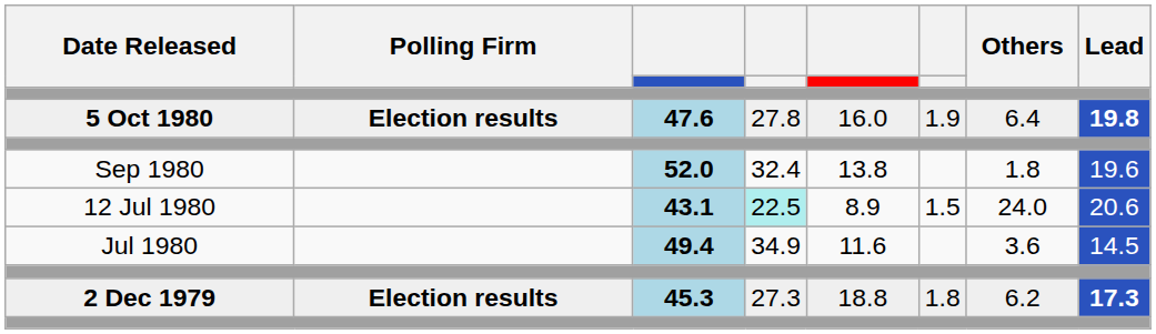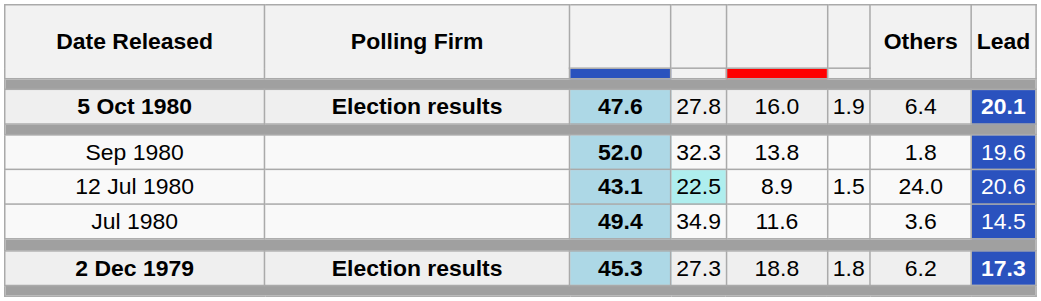 <table class="wikitable" style="text-align:center; font-size:95%; line-height:16px;">
 <tr style="height:42px;">
 <th style="width:165px;" rowspan="2">Date Released</th>
 <th style="width:195px;" rowspan="2">Polling Firm</th>
 <th></th>
 <th></th>
 <th></th>
 <th></th>
 <th style="width:60px;" rowspan="2">Others</th>
 <th style="width:25px;" rowspan="2">Lead</th>
 </tr>
 <tr>
 <th style="color:inherit;background:#2A52BE; width:60px;"></th>
 <th style="color:inherit;background:"></th>
 <th style="color:inherit;background:red; width:60px;"></th>
 <th style="color:inherit;background:"></th>
 </tr>
 <tr>
 <td colspan="9" style="background:#A0A0A0"></td>
 </tr>
 <tr style="background:#EFEFEF;">
 <td data-sort-value="2019-10-06"><strong>5 Oct 1980</strong></td>
 <td><strong>Election results</strong></td>
 <td align="center" style="background-color:lightblue;"><strong>47.6</strong><br></td>
 <td align="center">27.8<br></td>
 <td align="center">16.0<br></td>
 <td align="center">1.9<br></td>
 <td align="center">6.4<br></td>
-<td style="background:#2A52BE; color:white"><strong>19.8</strong></td>
+<td style="background:#2A52BE; color:white"><strong>20.1</strong></td>
 </tr>
 <tr>
 <td colspan="9" style="background:#A0A0A0"></td>
 </tr>
 <tr>
 <td align="center">Sep 1980</td>
 <td align="center"></td>
 <td align="center" style="background-color:lightblue;"><strong>52.0</strong></td>
-<td align="center">32.4</td>
+<td align="center">32.3</td>
 <td align="center">13.8</td>
 <td></td>
 <td align="center">1.8</td>
 <td style="background:#2A52BE; color:white">19.6</td>
 </tr>
 <tr>
 <td align="center">12 Jul 1980</td>
 <td align="center"></td>
 <td align="center" style="background-color:lightblue;"><strong>43.1</strong></td>
 <td align="center" style="background: paleturquoise;">22.5</td>
 <td align="center">8.9</td>
 <td align="center">1.5</td>
 <td align="center">24.0</td>
 <td style="background:#2A52BE; color:white">20.6</td>
 </tr>
 <tr>
 <td align="center">Jul 1980</td>
 <td align="center"></td>
 <td align="center" style="background-color:lightblue;"><strong>49.4</strong></td>
 <td align="center">34.9</td>
 <td align="center">11.6</td>
 <td></td>
 <td align="center">3.6</td>
 <td style="background:#2A52BE; color:white">14.5</td>
 </tr>
 <tr>
 <td colspan="9" style="background:#A0A0A0"></td>
 </tr>
 <tr style="background:#EFEFEF;">
 <td data-sort-value="2019-10-06"><strong>2 Dec 1979</strong></td>
 <td><strong>Election results</strong></td>
 <td align="center" style="background-color:lightblue;"><strong>45.3</strong><br></td>
 <td align="center">27.3<br></td>
 <td align="center">18.8<br></td>
 <td align="center">1.8<br></td>
 <td align="center">6.2<br></td>
 <td style="background:#2A52BE; color:white"><strong>17.3</strong></td>
 </tr>
 <tr>
 <td colspan="9" style="background:#A0A0A0"></td>
 </tr>
 </table>
